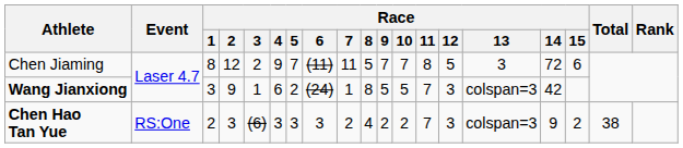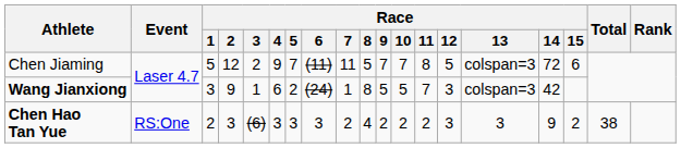 <table class=wikitable style=font-size:90%;text-align:center>
 <tr>
 <th rowspan="2">Athlete</th>
 <th rowspan="2">Event</th>
 <th colspan=15>Race</th>
 <th rowspan=2>Total</th>
 <th rowspan=2>Rank</th>
 </tr>
 <tr style="font-size:95%">
 <th>1</th>
 <th>2</th>
 <th>3</th>
 <th>4</th>
 <th>5</th>
 <th>6</th>
 <th>7</th>
 <th>8</th>
 <th>9</th>
 <th>10</th>
 <th>11</th>
 <th>12</th>
 <th>13</th>
 <th>14</th>
 <th>15</th>
 </tr>
 <tr>
 <td align=left>Chen Jiaming</td>
 <td align=left rowspan=2><a href='#'>Laser 4.7</a></td>
-<td>8</td>
+<td>5</td>
 <td>12</td>
 <td>2</td>
 <td>9</td>
 <td>7</td>
 <td><s>(11)</s></td>
 <td>11</td>
 <td>5</td>
 <td>7</td>
 <td>7</td>
 <td>8</td>
 <td>5</td>
-<td>3</td>
+<td>colspan=3 </td>
 <td>72</td>
 <td>6</td>
 </tr>
 <tr>
 <td align=left><strong>Wang Jianxiong</strong></td>
 <td>3</td>
 <td>9</td>
 <td>1</td>
 <td>6</td>
 <td>2</td>
 <td><s>(24)</s><br></td>
 <td>1</td>
 <td>8</td>
 <td>5</td>
 <td>5</td>
 <td>7</td>
 <td>3</td>
 <td>colspan=3 </td>
 <td>42</td>
 <td></td>
 </tr>
 <tr>
 <td align=left><strong>Chen Hao<br>Tan Yue</strong></td>
 <td align=left rowspan=2><a href='#'>RS:One</a></td>
 <td>2</td>
 <td>3</td>
 <td><s>(6)</s></td>
 <td>3</td>
 <td>3</td>
 <td>3</td>
 <td>2</td>
 <td>4</td>
 <td>2</td>
 <td>2</td>
-<td>7</td>
+<td>2</td>
 <td>3</td>
-<td>colspan=3 </td>
+<td>3</td>
 <td>9</td>
 <td>2</td>
 <td>38</td>
 <td></td>
 </tr>
 </table>
